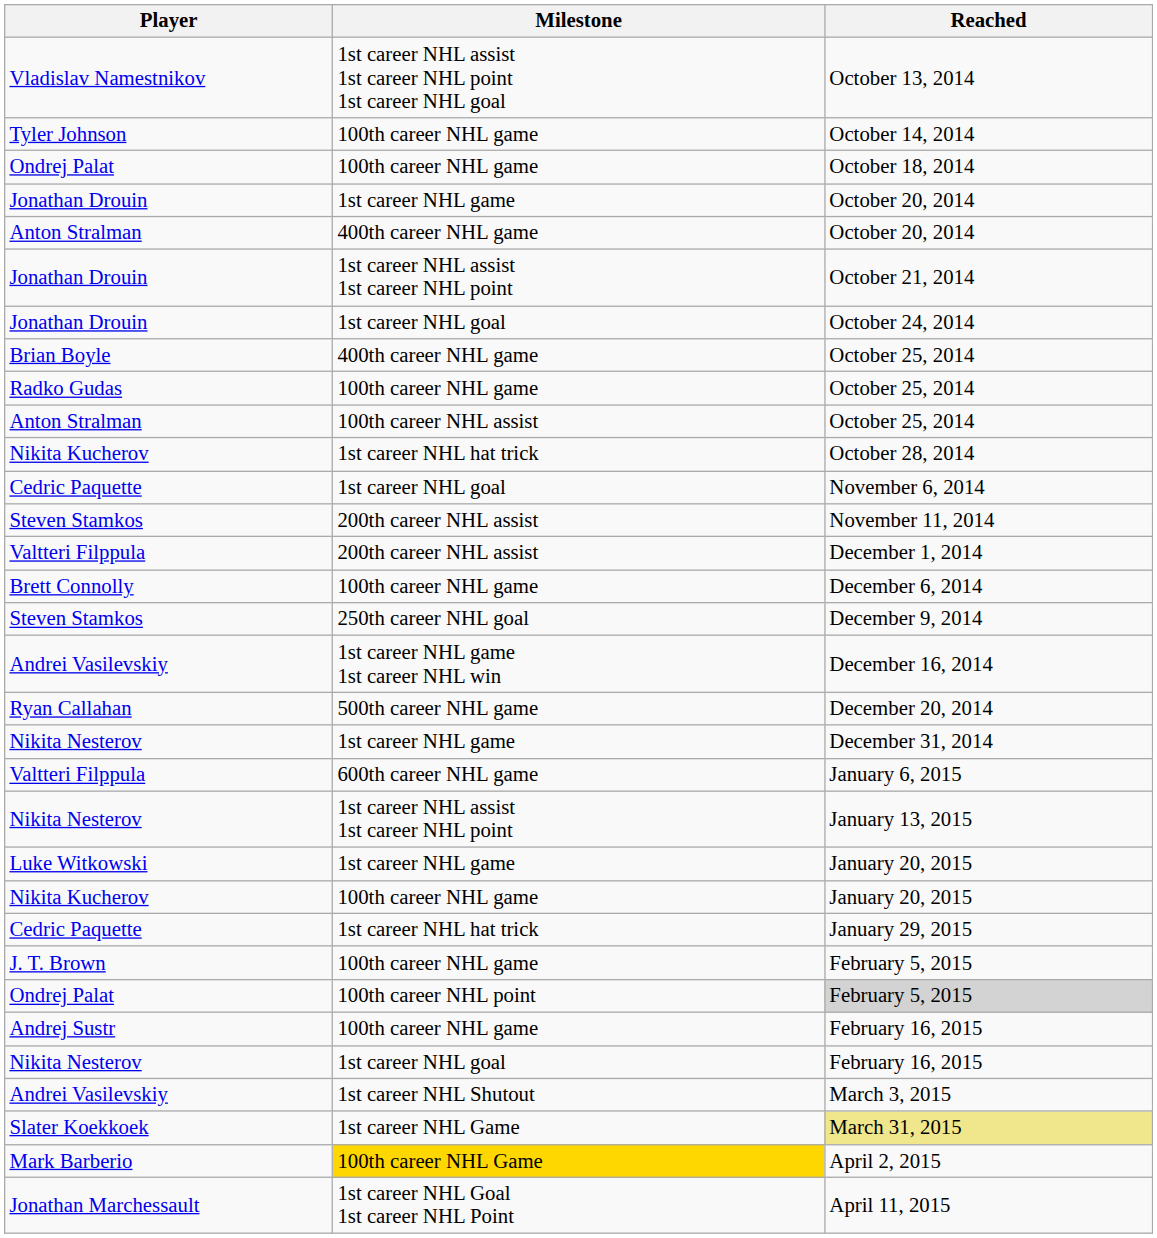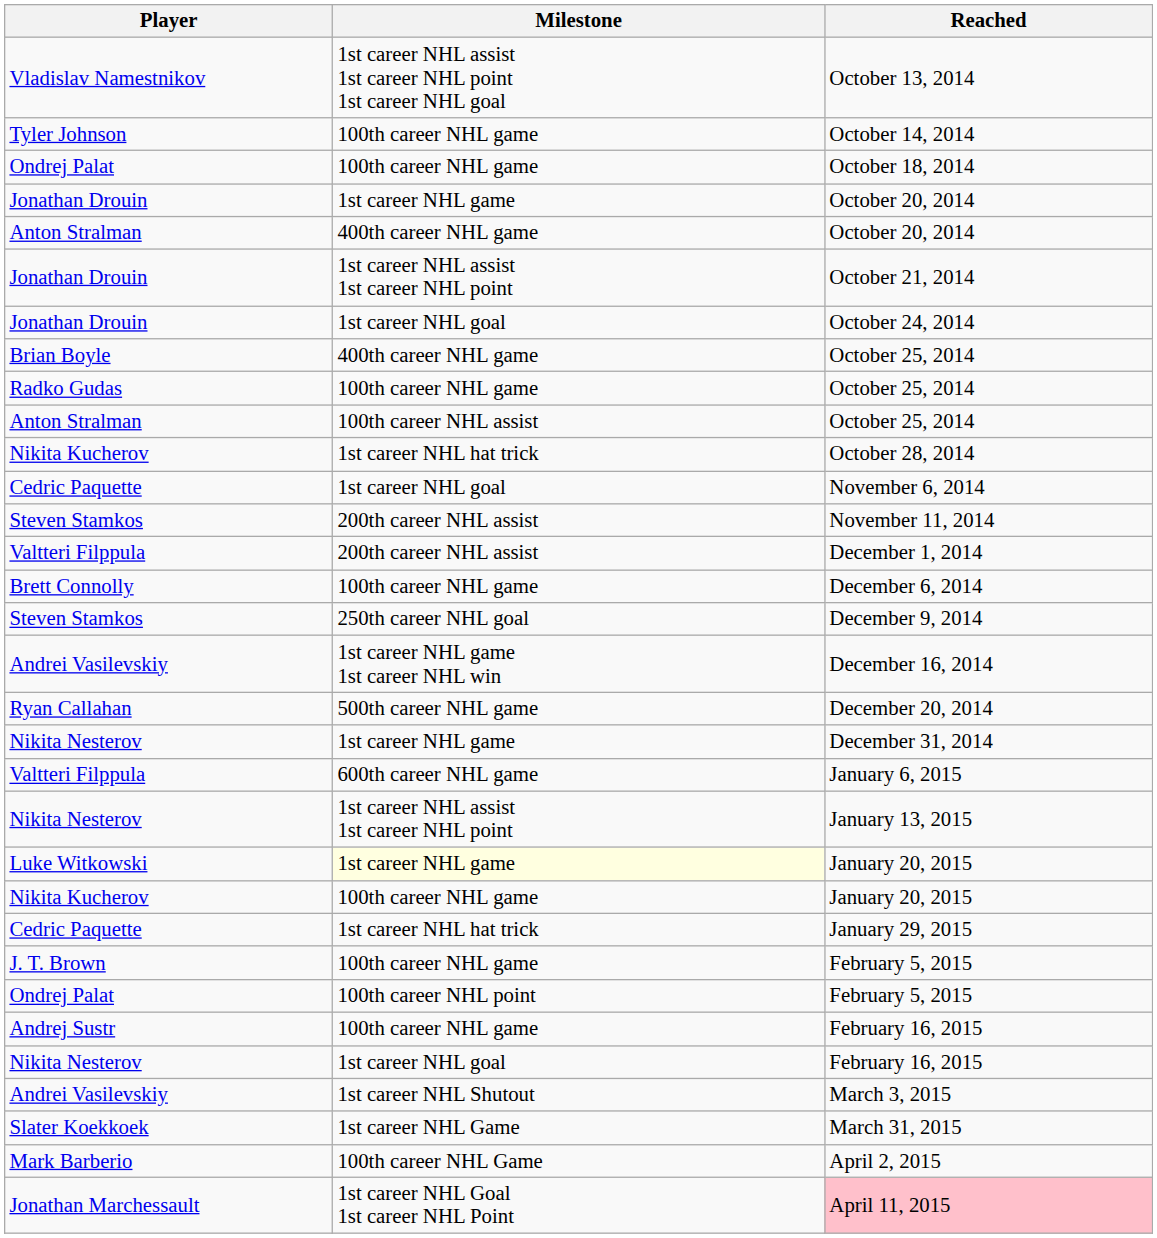 <table class="wikitable sortable" style="width:100%;">
 <tr align=center>
 <th style="width:20%;">Player</th>
 <th style="width:30%;">Milestone</th>
 <th style="width:20%;" data-sort-type="date">Reached</th>
 </tr>
 <tr>
 <td><a href='#'>Vladislav Namestnikov</a></td>
 <td>1st career NHL assist<br>1st career NHL point<br>1st career NHL goal</td>
 <td>October 13, 2014</td>
 </tr>
 <tr>
 <td><a href='#'>Tyler Johnson</a></td>
 <td>100th career NHL game</td>
 <td>October 14, 2014</td>
 </tr>
 <tr>
 <td><a href='#'>Ondrej Palat</a></td>
 <td>100th career NHL game</td>
 <td>October 18, 2014</td>
 </tr>
 <tr>
 <td><a href='#'>Jonathan Drouin</a></td>
 <td>1st career NHL game</td>
 <td>October 20, 2014</td>
 </tr>
 <tr>
 <td><a href='#'>Anton Stralman</a></td>
 <td>400th career NHL game</td>
 <td>October 20, 2014</td>
 </tr>
 <tr>
 <td><a href='#'>Jonathan Drouin</a></td>
 <td>1st career NHL assist<br>1st career NHL point</td>
 <td>October 21, 2014</td>
 </tr>
 <tr>
 <td><a href='#'>Jonathan Drouin</a></td>
 <td>1st career NHL goal</td>
 <td>October 24, 2014</td>
 </tr>
 <tr>
 <td><a href='#'>Brian Boyle</a></td>
 <td>400th career NHL game</td>
 <td>October 25, 2014</td>
 </tr>
 <tr>
 <td><a href='#'>Radko Gudas</a></td>
 <td>100th career NHL game</td>
 <td>October 25, 2014</td>
 </tr>
 <tr>
 <td><a href='#'>Anton Stralman</a></td>
 <td>100th career NHL assist</td>
 <td>October 25, 2014</td>
 </tr>
 <tr>
 <td><a href='#'>Nikita Kucherov</a></td>
 <td>1st career NHL hat trick</td>
 <td>October 28, 2014</td>
 </tr>
 <tr>
 <td><a href='#'>Cedric Paquette</a></td>
 <td>1st career NHL goal</td>
 <td>November 6, 2014</td>
 </tr>
 <tr>
 <td><a href='#'>Steven Stamkos</a></td>
 <td>200th career NHL assist</td>
 <td>November 11, 2014</td>
 </tr>
 <tr>
 <td><a href='#'>Valtteri Filppula</a></td>
 <td>200th career NHL assist</td>
 <td>December 1, 2014</td>
 </tr>
 <tr>
 <td><a href='#'>Brett Connolly</a></td>
 <td>100th career NHL game</td>
 <td>December 6, 2014</td>
 </tr>
 <tr>
 <td><a href='#'>Steven Stamkos</a></td>
 <td>250th career NHL goal</td>
 <td>December 9, 2014</td>
 </tr>
 <tr>
 <td><a href='#'>Andrei Vasilevskiy</a></td>
 <td>1st career NHL game<br>1st career NHL win</td>
 <td>December 16, 2014</td>
 </tr>
 <tr>
 <td><a href='#'>Ryan Callahan</a></td>
 <td>500th career NHL game</td>
 <td>December 20, 2014</td>
 </tr>
 <tr>
 <td><a href='#'>Nikita Nesterov</a></td>
 <td>1st career NHL game</td>
 <td>December 31, 2014</td>
 </tr>
 <tr>
 <td><a href='#'>Valtteri Filppula</a></td>
 <td>600th career NHL game</td>
 <td>January 6, 2015</td>
 </tr>
 <tr>
 <td><a href='#'>Nikita Nesterov</a></td>
 <td>1st career NHL assist<br>1st career NHL point</td>
 <td>January 13, 2015</td>
 </tr>
 <tr>
 <td><a href='#'>Luke Witkowski</a></td>
-<td>1st career NHL game</td>
+<td style="background: lightyellow;">1st career NHL game</td>
 <td>January 20, 2015</td>
 </tr>
 <tr>
 <td><a href='#'>Nikita Kucherov</a></td>
 <td>100th career NHL game</td>
 <td>January 20, 2015</td>
 </tr>
 <tr>
 <td><a href='#'>Cedric Paquette</a></td>
 <td>1st career NHL hat trick</td>
 <td>January 29, 2015</td>
 </tr>
 <tr>
 <td><a href='#'>J. T. Brown</a></td>
 <td>100th career NHL game</td>
 <td>February 5, 2015</td>
 </tr>
 <tr>
 <td><a href='#'>Ondrej Palat</a></td>
 <td>100th career NHL point</td>
-<td style="background: lightgrey;">February 5, 2015</td>
+<td>February 5, 2015</td>
 </tr>
 <tr>
 <td><a href='#'>Andrej Sustr</a></td>
 <td>100th career NHL game</td>
 <td>February 16, 2015</td>
 </tr>
 <tr>
 <td><a href='#'>Nikita Nesterov</a></td>
 <td>1st career NHL goal</td>
 <td>February 16, 2015</td>
 </tr>
 <tr>
 <td><a href='#'>Andrei Vasilevskiy</a></td>
 <td>1st career NHL Shutout</td>
 <td>March 3, 2015</td>
 </tr>
 <tr>
 <td><a href='#'>Slater Koekkoek</a></td>
 <td>1st career NHL Game</td>
-<td style="background: khaki;">March 31, 2015</td>
+<td>March 31, 2015</td>
 </tr>
 <tr>
 <td><a href='#'>Mark Barberio</a></td>
-<td style="background: gold;">100th career NHL Game</td>
+<td>100th career NHL Game</td>
 <td>April 2, 2015</td>
 </tr>
 <tr>
 <td><a href='#'>Jonathan Marchessault</a></td>
 <td>1st career NHL Goal<br>1st career NHL Point</td>
-<td>April 11, 2015</td>
+<td style="background: pink;">April 11, 2015</td>
 </tr>
 </table>
